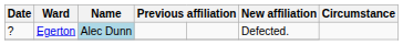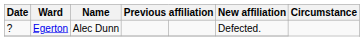 <table class="wikitable" style="font-size: 95%;">
 <tr>
 <th>Date</th>
 <th>Ward</th>
 <th>Name</th>
 <th colspan="2">Previous affiliation</th>
 <th colspan="2">New affiliation</th>
 <th>Circumstance</th>
 </tr>
 <tr>
 <td>?</td>
 <td><a href='#'>Egerton</a></td>
-<td style="background: lightblue;">Alec Dunn</td>
+<td>Alec Dunn</td>
 <td></td>
 <td></td>
 <td>Defected.</td>
 </tr>
 <tr>
 </tr>
 </table>
